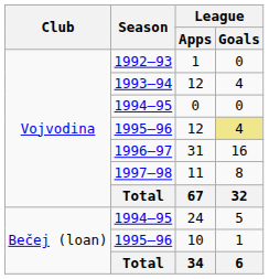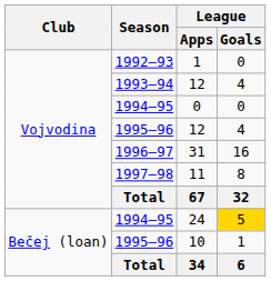 <table class="wikitable" style="text-align:center">
 <tr>
 <th rowspan="2">Club</th>
 <th rowspan="2">Season</th>
 <th colspan="2">League</th>
 </tr>
 <tr>
 <th>Apps</th>
 <th>Goals</th>
 </tr>
 <tr>
 <td rowspan="7"><a href='#'>Vojvodina</a></td>
 <td><a href='#'>1992–93</a></td>
 <td>1</td>
 <td>0</td>
 </tr>
 <tr>
 <td><a href='#'>1993–94</a></td>
 <td>12</td>
 <td>4</td>
 </tr>
 <tr>
 <td><a href='#'>1994–95</a></td>
 <td>0</td>
 <td>0</td>
 </tr>
 <tr>
 <td><a href='#'>1995–96</a></td>
 <td>12</td>
-<td style="background: khaki;">4</td>
+<td>4</td>
 </tr>
 <tr>
 <td><a href='#'>1996–97</a></td>
 <td>31</td>
 <td>16</td>
 </tr>
 <tr>
 <td><a href='#'>1997–98</a></td>
 <td>11</td>
 <td>8</td>
 </tr>
 <tr>
 <th>Total</th>
 <th>67</th>
 <th>32</th>
 </tr>
 <tr>
 <td rowspan="3"><a href='#'>Bečej</a> (loan)</td>
 <td><a href='#'>1994–95</a></td>
 <td>24</td>
-<td>5</td>
+<td style="background: gold;">5</td>
 </tr>
 <tr>
 <td><a href='#'>1995–96</a></td>
 <td>10</td>
 <td>1</td>
 </tr>
 <tr>
 <th>Total</th>
 <th>34</th>
 <th>6</th>
 </tr>
 </table>
